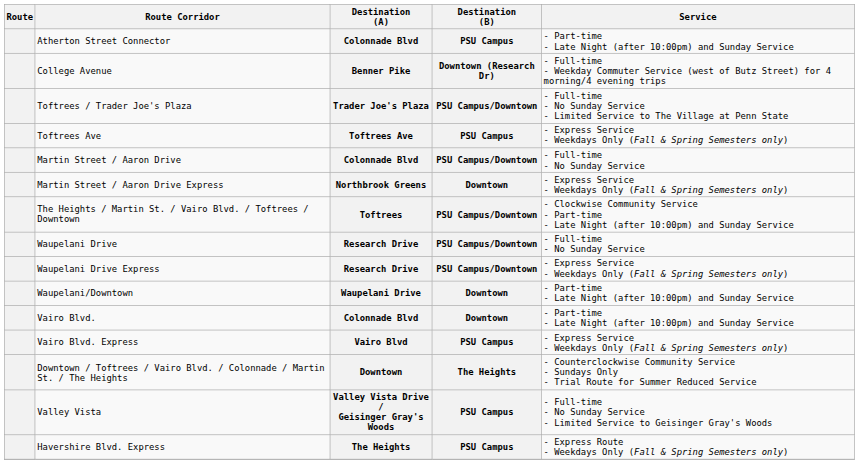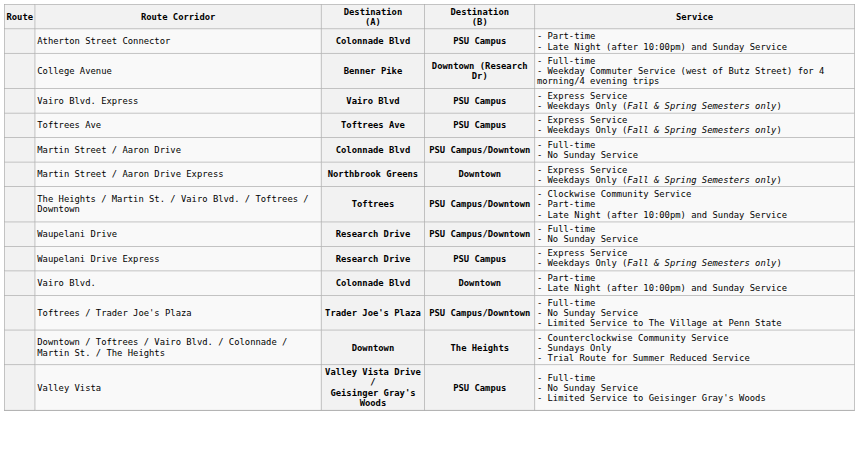 <table class="wikitable">
 <tr>
 <th>Route</th>
 <th>Route Corridor</th>
 <th>Destination<br>(A)</th>
 <th>Destination<br>(B)</th>
 <th>Service</th>
 </tr>
 <tr>
 <th></th>
 <td>Atherton Street Connector</td>
 <th>Colonnade Blvd</th>
 <th>PSU Campus</th>
 <td>- Part-time<br>- Late Night (after 10:00pm) and  Sunday Service</td>
 </tr>
 <tr>
 <th></th>
 <td>College Avenue</td>
 <th>Benner Pike</th>
 <th>Downtown (Research Dr)</th>
 <td>- Full-time<br>- Weekday Commuter Service (west of  Butz Street) for 4 morning/4 evening trips</td>
 </tr>
 <tr>
 <th></th>
-<td>Toftrees / Trader Joe's Plaza</td>
-<th>Trader Joe's Plaza</th>
-<th>PSU Campus/Downtown</th>
-<td>- Full-time<br>- No Sunday Service<br>- Limited Service to The Village at Penn State</td>
+<td>Vairo Blvd. Express</td>
+<th>Vairo Blvd</th>
+<th>PSU Campus</th>
+<td>- Express Service<br>- Weekdays Only (<em>Fall & Spring Semesters</em>  <em>only</em>)</td>
 </tr>
 <tr>
 <th></th>
 <td>Toftrees Ave</td>
 <th>Toftrees Ave</th>
 <th>PSU Campus</th>
 <td>- Express Service<br>- Weekdays Only (<em>Fall & Spring Semesters</em> <em>only</em>)</td>
 </tr>
 <tr>
 <th></th>
 <td>Martin Street / Aaron Drive</td>
 <th>Colonnade Blvd</th>
 <th>PSU Campus/Downtown</th>
 <td>- Full-time<br>- No Sunday Service</td>
 </tr>
 <tr>
 <th></th>
 <td>Martin Street / Aaron Drive Express</td>
 <th>Northbrook Greens</th>
 <th>Downtown</th>
 <td>- Express Service<br>- Weekdays Only (<em>Fall & Spring Semesters</em> <em>only</em>)</td>
 </tr>
 <tr>
 <th></th>
 <td>The Heights / Martin St. / Vairo Blvd. / Toftrees / Downtown</td>
 <th>Toftrees</th>
 <th>PSU Campus/Downtown</th>
 <td>- Clockwise Community Service<br>- Part-time<br>- Late Night (after 10:00pm) and  Sunday Service</td>
 </tr>
 <tr>
 <th></th>
 <td>Waupelani Drive</td>
 <th>Research Drive</th>
 <th>PSU Campus/Downtown</th>
 <td>- Full-time<br>- No Sunday Service</td>
 </tr>
 <tr>
 <th></th>
 <td>Waupelani Drive Express</td>
 <th>Research Drive</th>
-<th>PSU Campus/Downtown</th>
+<th>PSU Campus</th>
 <td>- Express Service<br>- Weekdays Only (<em>Fall & Spring Semesters</em> <em>only</em>)</td>
-</tr>
-<tr>
-<th></th>
-<td>Waupelani/Downtown</td>
-<th>Waupelani Drive</th>
-<th>Downtown</th>
-<td>- Part-time<br>- Late Night (after 10:00pm) and  Sunday Service</td>
 </tr>
 <tr>
 <th></th>
 <td>Vairo Blvd.</td>
 <th>Colonnade Blvd</th>
 <th>Downtown</th>
 <td>- Part-time<br>- Late Night (after 10:00pm) and  Sunday Service</td>
 </tr>
 <tr>
 <th></th>
-<td>Vairo Blvd. Express</td>
-<th>Vairo Blvd</th>
-<th>PSU Campus</th>
-<td>- Express Service<br>- Weekdays Only (<em>Fall & Spring Semesters</em>  <em>only</em>)</td>
+<td>Toftrees / Trader Joe's Plaza</td>
+<th>Trader Joe's Plaza</th>
+<th>PSU Campus/Downtown</th>
+<td>- Full-time<br>- No Sunday Service<br>- Limited Service to The Village at Penn State</td>
 </tr>
 <tr>
 <th></th>
 <td>Downtown / Toftrees / Vairo Blvd. / Colonnade / Martin St. / The Heights</td>
 <th>Downtown</th>
 <th>The Heights</th>
 <td>- Counterclockwise Community Service<br>- Sundays Only<br>- Trial Route for Summer Reduced Service</td>
 </tr>
 <tr>
 <th></th>
 <td>Valley Vista</td>
 <th>Valley Vista Drive /<br>Geisinger Gray's Woods</th>
 <th>PSU Campus</th>
 <td>- Full-time<br>- No Sunday Service<br>- Limited Service to Geisinger Gray's Woods</td>
 </tr>
 <tr>
-<th></th>
-<td>Havershire Blvd. Express</td>
-<th>The Heights</th>
-<th>PSU Campus</th>
-<td>- Express Route<br>- Weekdays Only (<em>Fall & Spring Semesters</em> <em>only</em>)</td>
-</tr>
-<tr>
 </tr>
 </table>
